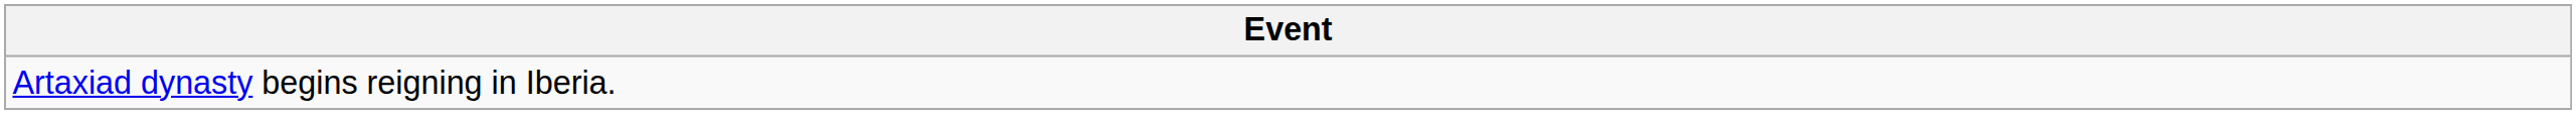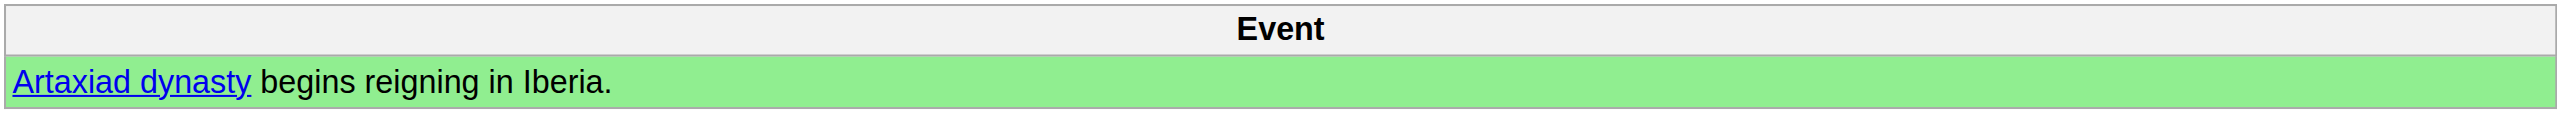 <table class="wikitable" width="100%">
 <tr>
 <th style="width:6%">Event</th>
 </tr>
 <tr>
-<td><a href='#'>Artaxiad dynasty</a> begins reigning in Iberia.</td>
+<td style="background: lightgreen;"><a href='#'>Artaxiad dynasty</a> begins reigning in Iberia.</td>
 </tr>
 </table>
